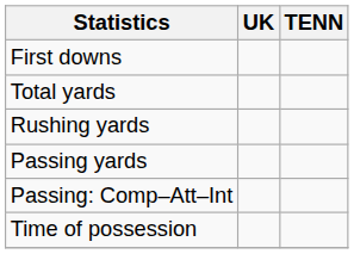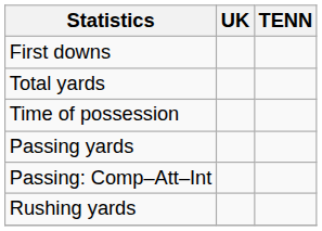 <table class="wikitable" style="float: left;">
 <tr>
 <th>Statistics</th>
 <th>UK</th>
 <th>TENN</th>
 </tr>
 <tr>
 <td>First downs</td>
 <td></td>
 <td></td>
 </tr>
 <tr>
 <td>Total yards</td>
 <td></td>
 <td></td>
 </tr>
 <tr>
-<td>Rushing yards</td>
+<td>Time of possession</td>
 <td></td>
 <td></td>
 </tr>
 <tr>
 <td>Passing yards</td>
 <td></td>
 <td></td>
 </tr>
 <tr>
 <td>Passing: Comp–Att–Int</td>
 <td></td>
 <td></td>
 </tr>
 <tr>
-<td>Time of possession</td>
+<td>Rushing yards</td>
 <td></td>
 <td></td>
 </tr>
 <tr>
 </tr>
 </table>
